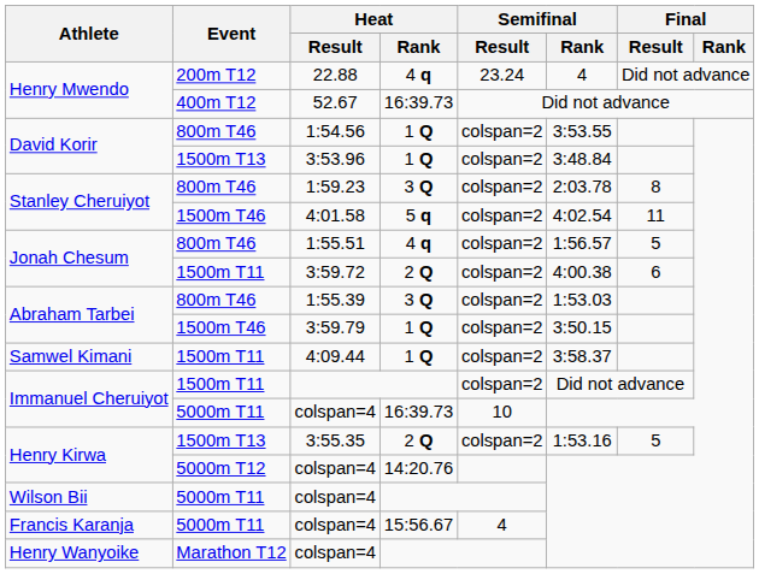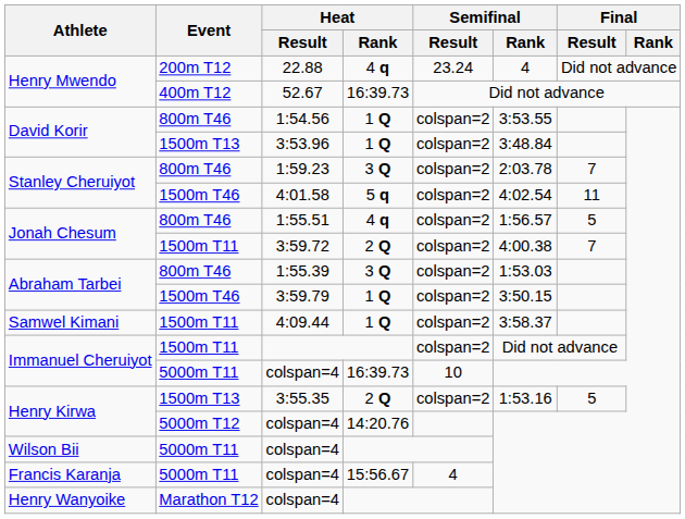 <table class="wikitable">
 <tr>
 <th rowspan="2">Athlete</th>
 <th rowspan="2">Event</th>
 <th colspan="2">Heat</th>
 <th colspan="2">Semifinal</th>
 <th colspan="2">Final</th>
 </tr>
 <tr>
 <th>Result</th>
 <th>Rank</th>
 <th>Result</th>
 <th>Rank</th>
 <th>Result</th>
 <th>Rank</th>
 </tr>
 <tr align="center">
 <td rowspan="2" align="left"><a href='#'>Henry Mwendo</a></td>
 <td align="left"><a href='#'>200m T12</a></td>
 <td>22.88</td>
 <td>4 <strong>q</strong></td>
 <td>23.24</td>
 <td>4</td>
 <td colspan="2">Did not advance</td>
 </tr>
 <tr align="center">
 <td align="left"><a href='#'>400m T12</a></td>
 <td>52.67</td>
 <td>16:39.73</td>
 <td colspan="4">Did not advance</td>
 </tr>
 <tr align="center">
 <td rowspan="2" align="left"><a href='#'>David Korir</a></td>
 <td align="left"><a href='#'>800m T46</a></td>
 <td>1:54.56</td>
 <td>1 <strong>Q</strong></td>
 <td>colspan=2 </td>
 <td>3:53.55</td>
 <td></td>
 </tr>
 <tr align="center">
 <td align="left"><a href='#'>1500m T13</a></td>
 <td>3:53.96</td>
 <td>1 <strong>Q</strong></td>
 <td>colspan=2 </td>
 <td>3:48.84</td>
 <td></td>
 </tr>
 <tr align="center">
 <td rowspan="2" align="left"><a href='#'>Stanley Cheruiyot</a></td>
 <td align="left"><a href='#'>800m T46</a></td>
 <td>1:59.23</td>
 <td>3 <strong>Q</strong></td>
 <td>colspan=2 </td>
 <td>2:03.78</td>
-<td>8</td>
+<td>7</td>
 </tr>
 <tr align="center">
 <td align="left"><a href='#'>1500m T46</a></td>
 <td>4:01.58</td>
 <td>5 <strong>q</strong></td>
 <td>colspan=2 </td>
 <td>4:02.54</td>
 <td>11</td>
 </tr>
 <tr align="center">
 <td rowspan="2" align="left"><a href='#'>Jonah Chesum</a></td>
 <td align="left"><a href='#'>800m T46</a></td>
 <td>1:55.51</td>
 <td>4 <strong>q</strong></td>
 <td>colspan=2 </td>
 <td>1:56.57</td>
 <td>5</td>
 </tr>
 <tr align="center">
 <td align="left"><a href='#'>1500m T11</a></td>
 <td>3:59.72</td>
 <td>2 <strong>Q</strong></td>
 <td>colspan=2 </td>
 <td>4:00.38</td>
-<td>6</td>
+<td>7</td>
 </tr>
 <tr align="center">
 <td rowspan="2" align="left"><a href='#'>Abraham Tarbei</a></td>
 <td align="left"><a href='#'>800m T46</a></td>
 <td>1:55.39</td>
 <td>3 <strong>Q</strong></td>
 <td>colspan=2 </td>
 <td>1:53.03</td>
 <td></td>
 </tr>
 <tr align="center">
 <td align="left"><a href='#'>1500m T46</a></td>
 <td>3:59.79</td>
 <td>1 <strong>Q</strong></td>
 <td>colspan=2 </td>
 <td>3:50.15</td>
 <td></td>
 </tr>
 <tr align="center">
 <td align="left"><a href='#'>Samwel Kimani</a></td>
 <td align="left"><a href='#'>1500m T11</a></td>
 <td>4:09.44</td>
 <td>1 <strong>Q</strong></td>
 <td>colspan=2 </td>
 <td>3:58.37</td>
 <td></td>
 </tr>
 <tr align="center">
 <td rowspan="2" align="left"><a href='#'>Immanuel Cheruiyot</a></td>
 <td align="left"><a href='#'>1500m T11</a></td>
 <td colspan="2"></td>
 <td>colspan=2 </td>
 <td colspan="2">Did not advance</td>
 </tr>
 <tr align="center">
 <td align="left"><a href='#'>5000m T11</a></td>
 <td>colspan=4 </td>
 <td>16:39.73</td>
 <td>10</td>
 </tr>
 <tr align="center">
 <td rowspan="2" align="left"><a href='#'>Henry Kirwa</a></td>
 <td align="left"><a href='#'>1500m T13</a></td>
 <td>3:55.35</td>
 <td>2 <strong>Q</strong></td>
 <td>colspan=2 </td>
 <td>1:53.16</td>
 <td>5</td>
 </tr>
 <tr align="center">
 <td align="left"><a href='#'>5000m T12</a></td>
 <td>colspan=4 </td>
 <td>14:20.76</td>
 <td></td>
 </tr>
 <tr align="center">
 <td align="left"><a href='#'>Wilson Bii</a></td>
 <td align="left"><a href='#'>5000m T11</a></td>
 <td>colspan=4 </td>
 <td colspan="2"></td>
 </tr>
 <tr align="center">
 <td align="left"><a href='#'>Francis Karanja</a></td>
 <td align="left"><a href='#'>5000m T11</a></td>
 <td>colspan=4 </td>
 <td>15:56.67</td>
 <td>4</td>
 </tr>
 <tr align="center">
 <td align="left"><a href='#'>Henry Wanyoike</a></td>
 <td align="left"><a href='#'>Marathon T12</a></td>
 <td>colspan=4 </td>
 <td colspan="2"></td>
 </tr>
 </table>
